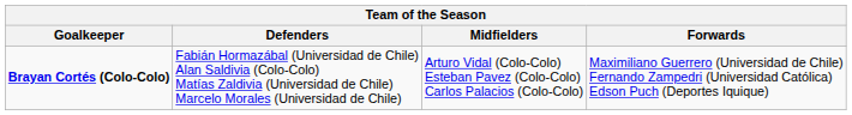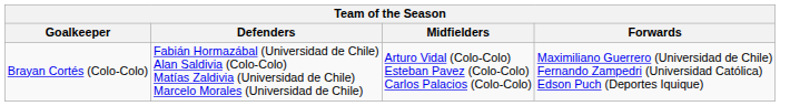 <table class="wikitable">
 <tr>
 <th colspan="13">Team of the Season</th>
 </tr>
 <tr>
 <th>Goalkeeper</th>
 <th>Defenders</th>
 <th>Midfielders</th>
 <th>Forwards</th>
 </tr>
 <tr>
-<td><strong> <a href='#'>Brayan Cortés</a> (Colo-Colo)</strong></td>
+<td> <a href='#'>Brayan Cortés</a> (Colo-Colo)</td>
 <td> <a href='#'>Fabián Hormazábal</a> (Universidad de Chile)<br> <a href='#'>Alan Saldivia</a> (Colo-Colo)<br> <a href='#'>Matías Zaldivia</a> (Universidad de Chile)<br> <a href='#'>Marcelo Morales</a> (Universidad de Chile)</td>
 <td> <a href='#'>Arturo Vidal</a> (Colo-Colo)<br> <a href='#'>Esteban Pavez</a> (Colo-Colo)<br> <a href='#'>Carlos Palacios</a> (Colo-Colo)</td>
 <td> <a href='#'>Maximiliano Guerrero</a> (Universidad de Chile)<br> <a href='#'>Fernando Zampedri</a> (Universidad Católica)<br> <a href='#'>Edson Puch</a> (Deportes Iquique)</td>
 </tr>
 </table>
